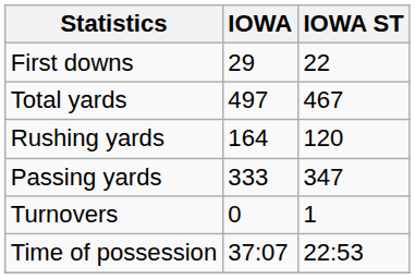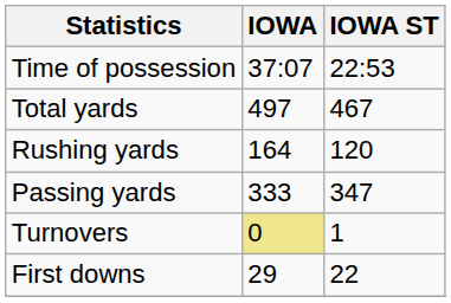 <table class="wikitable">
 <tr>
 <th>Statistics</th>
 <th>IOWA</th>
 <th>IOWA ST</th>
 </tr>
 <tr>
-<td>First downs</td>
-<td>29</td>
-<td>22</td>
+<td>Time of possession</td>
+<td>37:07</td>
+<td>22:53</td>
 </tr>
 <tr>
 <td>Total yards</td>
 <td>497</td>
 <td>467</td>
 </tr>
 <tr>
 <td>Rushing yards</td>
 <td>164</td>
 <td>120</td>
 </tr>
 <tr>
 <td>Passing yards</td>
 <td>333</td>
 <td>347</td>
 </tr>
 <tr>
 <td>Turnovers</td>
-<td>0</td>
+<td style="background: khaki;">0</td>
 <td>1</td>
 </tr>
 <tr>
-<td>Time of possession</td>
-<td>37:07</td>
-<td>22:53</td>
+<td>First downs</td>
+<td>29</td>
+<td>22</td>
 </tr>
 <tr>
 </tr>
 </table>
